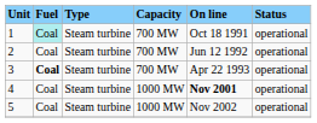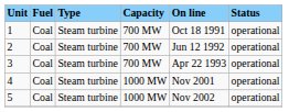 <table class="wikitable">
 <tr>
 <td style="background-color:lightskyblue;"><strong>Unit</strong></td>
 <td style="background-color:lightskyblue;"><strong>Fuel</strong></td>
 <td style="background-color:lightskyblue;"><strong>Type</strong></td>
 <td style="background-color:lightskyblue;"><strong>Capacity</strong></td>
 <td style="background-color:lightskyblue;"><strong>On line</strong></td>
 <td style="background-color:lightskyblue;"><strong>Status</strong></td>
 </tr>
 <tr>
 <td>1</td>
-<td style="background: paleturquoise;">Coal</td>
+<td>Coal</td>
 <td>Steam turbine</td>
 <td>700 MW</td>
 <td>Oct 18 1991</td>
 <td>operational</td>
 </tr>
 <tr>
 <td>2</td>
 <td>Coal</td>
 <td>Steam turbine</td>
 <td>700 MW</td>
 <td>Jun 12 1992</td>
 <td>operational</td>
 </tr>
 <tr>
 <td>3</td>
-<td><strong>Coal</strong></td>
+<td>Coal</td>
 <td>Steam turbine</td>
 <td>700 MW</td>
 <td>Apr 22 1993</td>
 <td>operational</td>
 </tr>
 <tr>
 <td>4</td>
 <td>Coal</td>
 <td>Steam turbine</td>
 <td>1000 MW</td>
-<td><strong>Nov 2001</strong></td>
+<td>Nov 2001</td>
 <td>operational</td>
 </tr>
 <tr>
 <td>5</td>
 <td>Coal</td>
 <td>Steam turbine</td>
 <td>1000 MW</td>
 <td>Nov 2002</td>
 <td>operational</td>
 </tr>
 <tr>
 </tr>
 </table>
